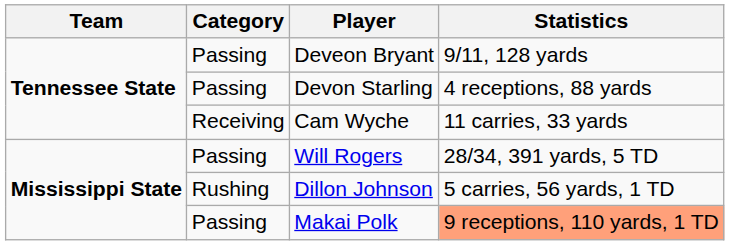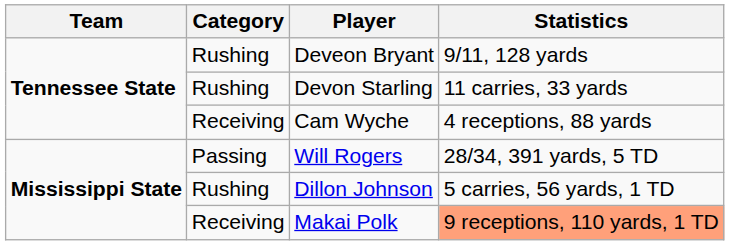 <table class="wikitable" style="float: right;">
 <tr>
 <th>Team</th>
 <th>Category</th>
 <th>Player</th>
 <th>Statistics</th>
 </tr>
 <tr>
 <td rowspan=3><strong>Tennessee State</strong></td>
-<td>Passing</td>
+<td>Rushing</td>
 <td>Deveon Bryant</td>
 <td>9/11, 128 yards</td>
 </tr>
 <tr>
-<td>Passing</td>
+<td>Rushing</td>
 <td>Devon Starling</td>
-<td>4 receptions, 88 yards</td>
+<td>11 carries, 33 yards</td>
 </tr>
 <tr>
 <td>Receiving</td>
 <td>Cam Wyche</td>
-<td>11 carries, 33 yards</td>
+<td>4 receptions, 88 yards</td>
 </tr>
 <tr>
 <td rowspan=3><strong>Mississippi State</strong></td>
 <td>Passing</td>
 <td><a href='#'>Will Rogers</a></td>
 <td>28/34, 391 yards, 5 TD</td>
 </tr>
 <tr>
 <td>Rushing</td>
 <td><a href='#'>Dillon Johnson</a></td>
 <td>5 carries, 56 yards, 1 TD</td>
 </tr>
 <tr>
-<td>Passing</td>
+<td>Receiving</td>
 <td><a href='#'>Makai Polk</a></td>
 <td style="background: lightsalmon;">9 receptions, 110 yards, 1 TD</td>
 </tr>
 </table>
